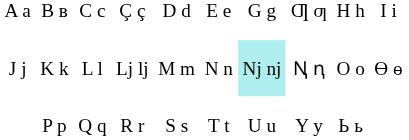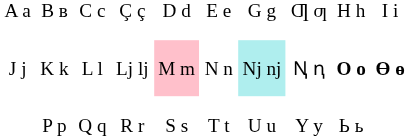 <table class=standard cellpadding=5 style="font-size: 1.5em; line-height: 2.5em; text-align: center;">
 <tr>
 <td style=«width:3em;»>A a</td>
 <td style=«width:3em;»>B ʙ</td>
 <td style=«width:3em;»>C c</td>
 <td style=«width:3em;»>Ç ç</td>
 <td style=«width:3em;»>D d</td>
 <td style=«width:3em;»>E e</td>
 <td style=«width:3em;»>G g</td>
 <td style=«width:3em;»>Ƣ ƣ</td>
 <td style=«width:3em;»>H h</td>
 <td style=«width:3em;»>I i</td>
 </tr>
 <tr>
 <td>J j</td>
 <td>K k</td>
 <td>L l</td>
 <td>Lj lj</td>
-<td>M m</td>
+<td style="background: pink;">M m</td>
 <td>N n</td>
 <td style="background: paleturquoise;">Nj nj</td>
 <td>Ꞑ ꞑ</td>
-<td>O o</td>
-<td>Ө ө</td>
+<td><strong>O o</strong></td>
+<td><strong>Ө ө</strong></td>
 </tr>
 <tr>
 <td style="«width:3em;»"></td>
 <td style="«width:3em;»">P p</td>
 <td style="«width:3em;»">Q q</td>
 <td style="«width:3em;»">R r</td>
 <td style="«width:3em;»">S s</td>
 <td style="«width:3em;»">T t</td>
 <td style="«width:3em;»">U u</td>
 <td style="«width:3em;»">Y y</td>
 <td style="«width:3em;»">Ь ь</td>
 <td style="«width:3em;»"></td>
 </tr>
 </table>
